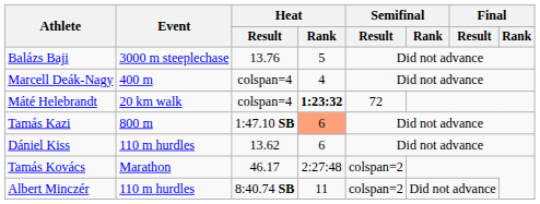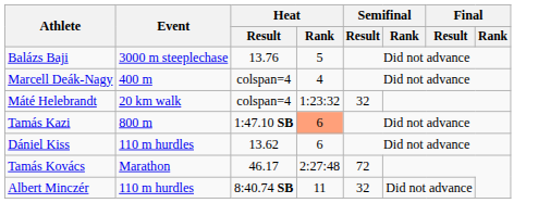 <table class="wikitable" style="font-size:90%;">
 <tr>
 <th rowspan=2>Athlete</th>
 <th rowspan=2>Event</th>
 <th colspan=2>Heat</th>
 <th colspan=2>Semifinal</th>
 <th colspan=2>Final</th>
 </tr>
 <tr style="font-size:95%">
 <th>Result</th>
 <th>Rank</th>
 <th>Result</th>
 <th>Rank</th>
 <th>Result</th>
 <th>Rank</th>
 </tr>
 <tr align=center>
 <td align=left><a href='#'>Balázs Baji</a></td>
 <td align=left><a href='#'>3000 m steeplechase</a></td>
 <td>13.76</td>
 <td>5</td>
 <td colspan=4>Did not advance</td>
 </tr>
 <tr align=center>
 <td align=left><a href='#'>Marcell Deák-Nagy</a></td>
 <td align=left><a href='#'>400 m</a></td>
 <td>colspan=4 </td>
 <td>4</td>
 <td colspan=4>Did not advance</td>
 </tr>
 <tr align=center>
 <td align=left><a href='#'>Máté Helebrandt</a></td>
 <td align=left><a href='#'>20 km walk</a></td>
 <td>colspan=4 </td>
-<td><strong>1:23:32</strong></td>
-<td>72</td>
+<td>1:23:32</td>
+<td>32</td>
 </tr>
 <tr align=center>
 <td align=left><a href='#'>Tamás Kazi</a></td>
 <td align=left><a href='#'>800 m</a></td>
 <td>1:47.10 <strong>SB</strong></td>
 <td style="background: lightsalmon;">6</td>
 <td colspan=4>Did not advance</td>
 </tr>
 <tr align=center>
 <td align=left><a href='#'>Dániel Kiss</a></td>
 <td align=left><a href='#'>110 m hurdles</a></td>
 <td>13.62</td>
 <td>6</td>
 <td colspan=4>Did not advance</td>
 </tr>
 <tr align=center>
 <td align=left><a href='#'>Tamás Kovács</a></td>
 <td align=left><a href='#'>Marathon</a></td>
 <td>46.17</td>
 <td>2:27:48</td>
-<td>colspan=2 </td>
+<td>72</td>
 </tr>
 <tr align=center>
 <td align=left><a href='#'>Albert Minczér</a></td>
 <td align=left><a href='#'>110 m hurdles</a></td>
 <td>8:40.74 <strong>SB</strong></td>
 <td>11</td>
-<td>colspan=2 </td>
+<td>32</td>
 <td colspan=2>Did not advance</td>
 </tr>
 </table>
